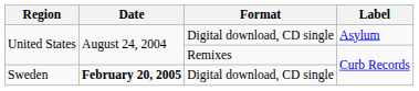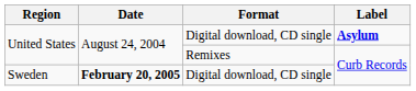 <table class="wikitable">
 <tr>
 <th>Region</th>
 <th>Date</th>
 <th>Format</th>
 <th>Label</th>
 </tr>
 <tr>
 <td rowspan="2">United States</td>
 <td rowspan="2">August 24, 2004</td>
 <td>Digital download, CD single</td>
-<td><a href='#'>Asylum</a></td>
+<td><strong><a href='#'>Asylum</a></strong></td>
 </tr>
 <tr>
 <td>Remixes</td>
 <td rowspan="2"><a href='#'>Curb Records</a></td>
 </tr>
 <tr>
 <td>Sweden</td>
 <td><strong>February 20, 2005</strong></td>
 <td>Digital download, CD single</td>
 </tr>
 </table>
